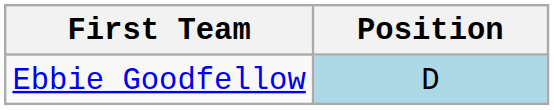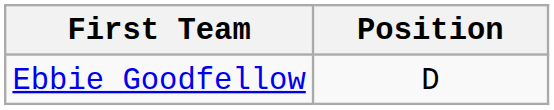 <table class="wikitable">
 <tr>
 <th>First Team</th>
 <th>  Position  </th>
 </tr>
 <tr>
 <td><a href='#'>Ebbie Goodfellow</a></td>
-<td align=center style="background: lightblue;">D</td>
+<td align=center>D</td>
 </tr>
 </table>
